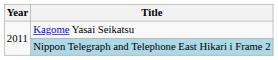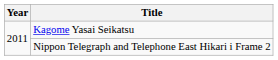 <table class="wikitable">
 <tr>
 <th>Year</th>
 <th>Title</th>
 </tr>
 <tr>
 <td rowspan="2">2011</td>
 <td><a href='#'>Kagome</a> Yasai Seikatsu</td>
 </tr>
 <tr>
-<td style="background: lightblue;">Nippon Telegraph and Telephone East Hikari i Frame 2</td>
+<td>Nippon Telegraph and Telephone East Hikari i Frame 2</td>
 </tr>
 </table>
